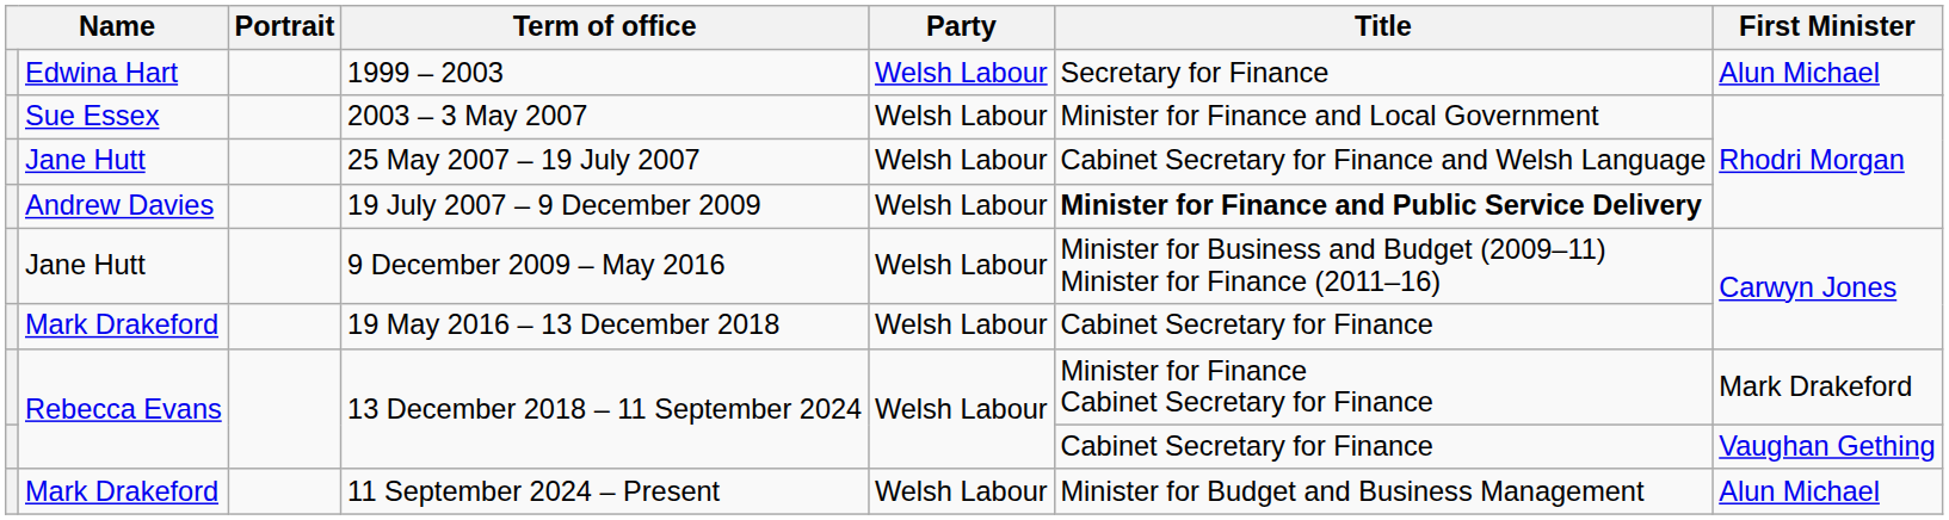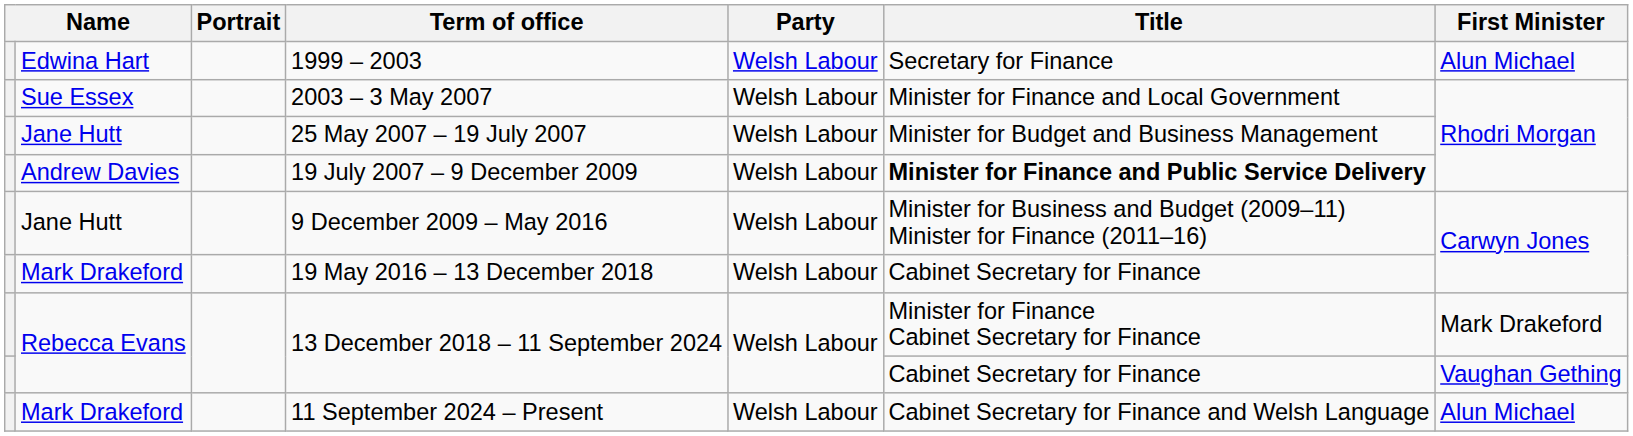 <table class="wikitable">
 <tr>
 <th colspan=2>Name</th>
 <th>Portrait</th>
 <th>Term of office</th>
 <th>Party</th>
 <th>Title</th>
 <th>First Minister</th>
 </tr>
 <tr>
 <th rowspan="2" style="background-color:"></th>
 <td rowspan="2"><a href='#'>Edwina Hart</a></td>
 <td rowspan="2"></td>
 <td rowspan="2">1999 – 2003</td>
 <td rowspan="2"><a href='#'>Welsh Labour</a></td>
 <td rowspan="2">Secretary for Finance</td>
 <td><a href='#'>Alun Michael</a></td>
 </tr>
 <tr>
 <td rowspan="4"><a href='#'>Rhodri Morgan</a></td>
 </tr>
 <tr>
 <th style="background-color:"></th>
 <td><a href='#'>Sue Essex</a></td>
 <td></td>
 <td>2003 – 3 May 2007</td>
 <td>Welsh Labour</td>
 <td>Minister for Finance and Local Government</td>
 </tr>
 <tr>
 <th style="background-color:"></th>
 <td><a href='#'>Jane Hutt</a></td>
 <td></td>
 <td>25 May 2007 – 19 July 2007</td>
 <td>Welsh Labour</td>
-<td>Cabinet Secretary for Finance and Welsh Language</td>
+<td>Minister for Budget and Business Management</td>
 </tr>
 <tr>
 <th style="background-color:"></th>
 <td><a href='#'>Andrew Davies</a></td>
 <td></td>
 <td>19 July 2007 – 9 December 2009</td>
 <td>Welsh Labour</td>
 <td><strong>Minister for Finance and Public Service Delivery</strong></td>
 </tr>
 <tr>
 <th style="background-color:"></th>
 <td>Jane Hutt</td>
 <td></td>
 <td>9 December 2009 – May 2016</td>
 <td>Welsh Labour</td>
 <td>Minister for Business and Budget (2009–11)<br>Minister for Finance (2011–16)</td>
 <td rowspan="2"><a href='#'>Carwyn Jones</a></td>
 </tr>
 <tr>
 <th style="background-color:"></th>
 <td><a href='#'>Mark Drakeford</a></td>
 <td></td>
 <td>19 May 2016 – 13 December 2018</td>
 <td>Welsh Labour</td>
 <td>Cabinet Secretary for Finance</td>
 </tr>
 <tr>
 <th style="background-color:"></th>
 <td rowspan="2"><a href='#'>Rebecca Evans</a></td>
 <td rowspan="2"></td>
 <td rowspan="2">13 December 2018 – 11 September 2024</td>
 <td rowspan="2">Welsh Labour</td>
 <td>Minister for Finance<br>Cabinet Secretary for Finance</td>
 <td>Mark Drakeford</td>
 </tr>
 <tr>
 <th style="background-color:"></th>
 <td>Cabinet Secretary for Finance</td>
 <td><a href='#'>Vaughan Gething</a></td>
 </tr>
 <tr>
 <th style="background-color:"></th>
 <td><a href='#'>Mark Drakeford</a></td>
 <td></td>
 <td>11 September 2024 – Present</td>
 <td>Welsh Labour</td>
-<td>Minister for Budget and Business Management</td>
+<td>Cabinet Secretary for Finance and Welsh Language</td>
 <td><a href='#'>Alun Michael</a></td>
 </tr>
 </table>
